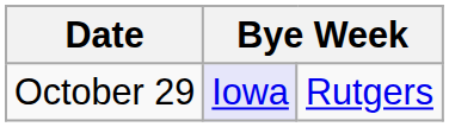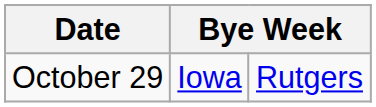 <table class="wikitable" style="font-size:95%;">
 <tr>
 <th>Date</th>
 <th colspan="2">Bye Week</th>
 </tr>
 <tr>
 <td>October 29</td>
-<td style="background: lavender;"><a href='#'>Iowa</a></td>
+<td><a href='#'>Iowa</a></td>
 <td><a href='#'>Rutgers</a></td>
 </tr>
 </table>
